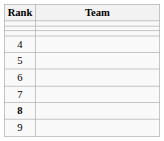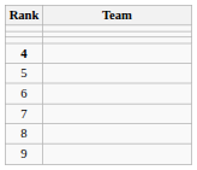 <table class="wikitable" style="text-align: center;">
 <tr>
 <th width=40>Rank</th>
 <th width=180>Team</th>
 </tr>
 <tr>
 <td></td>
 <td align=left></td>
 </tr>
 <tr>
 <td></td>
 <td align=left></td>
 </tr>
 <tr>
 <td></td>
 <td align=left></td>
 </tr>
 <tr>
-<td>4</td>
+<td><strong>4</strong></td>
 <td align=left></td>
 </tr>
 <tr>
 <td>5</td>
 <td align=left></td>
 </tr>
 <tr>
 <td>6</td>
 <td align=left></td>
 </tr>
 <tr>
 <td>7</td>
 <td align=left></td>
 </tr>
 <tr>
-<td><strong>8</strong></td>
+<td>8</td>
 <td align=left></td>
 </tr>
 <tr>
 <td>9</td>
 <td align=left></td>
 </tr>
 </table>
